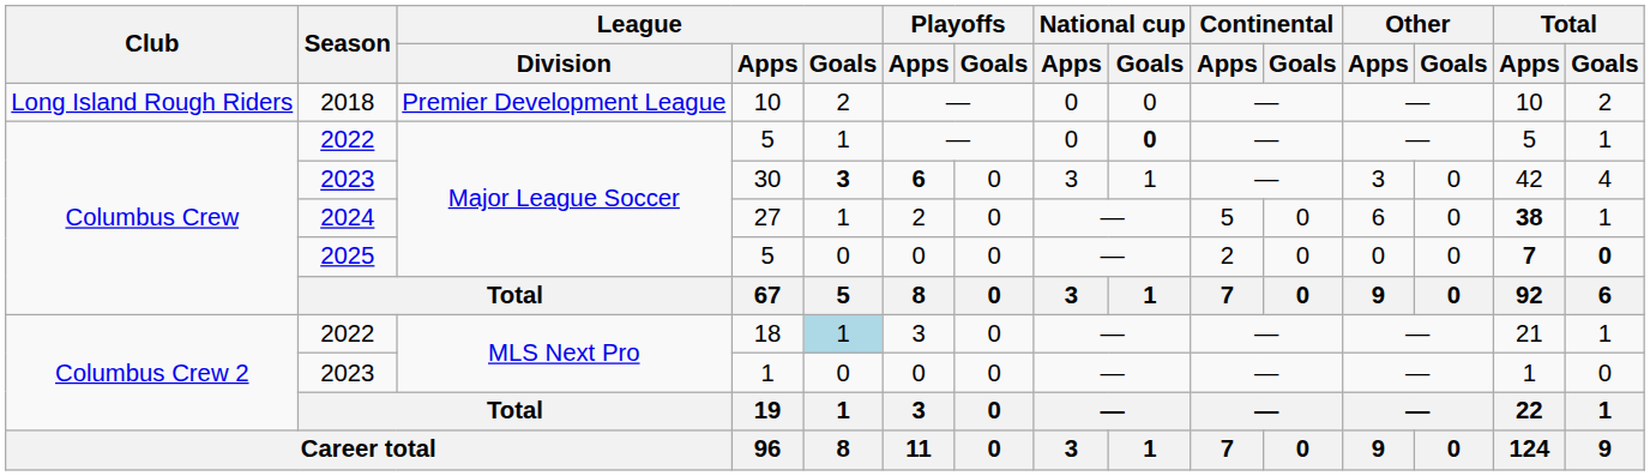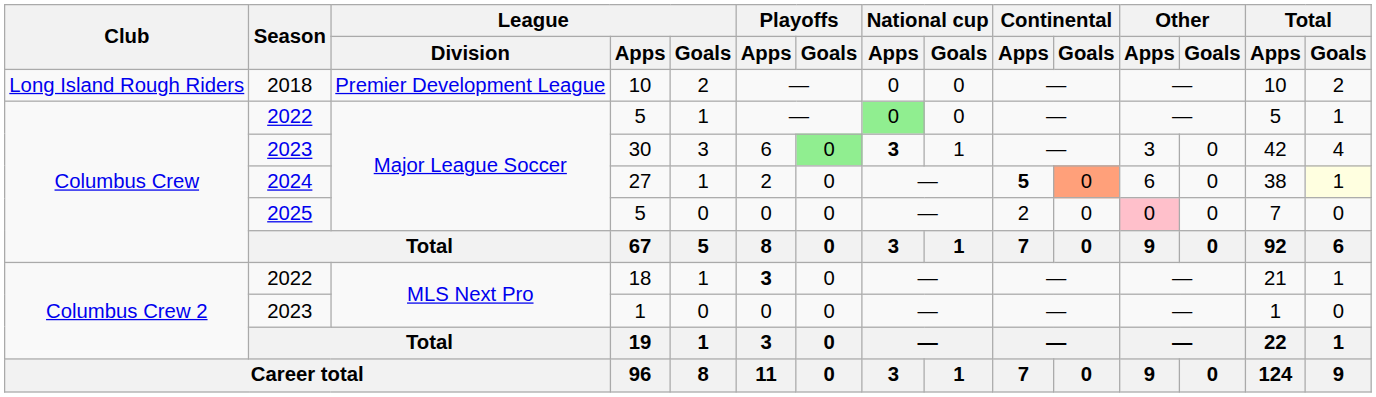 <table class="wikitable" style="text-align: center;">
 <tr>
 <th rowspan="2">Club</th>
 <th rowspan="2">Season</th>
 <th colspan="3">League</th>
 <th colspan="2">Playoffs</th>
 <th colspan="2">National cup</th>
 <th colspan="2">Continental</th>
 <th colspan="2">Other</th>
 <th colspan="2">Total</th>
 </tr>
 <tr>
 <th>Division</th>
 <th>Apps</th>
 <th>Goals</th>
 <th>Apps</th>
 <th>Goals</th>
 <th>Apps</th>
 <th>Goals</th>
 <th>Apps</th>
 <th>Goals</th>
 <th>Apps</th>
 <th>Goals</th>
 <th>Apps</th>
 <th>Goals</th>
 </tr>
 <tr>
 <td><a href='#'>Long Island Rough Riders</a></td>
 <td>2018</td>
 <td><a href='#'>Premier Development League</a></td>
 <td>10</td>
 <td>2</td>
 <td colspan="2">—</td>
 <td>0</td>
 <td>0</td>
 <td colspan="2">—</td>
 <td colspan="2">—</td>
 <td>10</td>
 <td>2</td>
 </tr>
 <tr>
 <td rowspan="5"><a href='#'>Columbus Crew</a></td>
 <td><a href='#'>2022</a></td>
 <td rowspan="4"><a href='#'>Major League Soccer</a></td>
 <td>5</td>
 <td>1</td>
 <td colspan="2">—</td>
+<td style="background: lightgreen;">0</td>
 <td>0</td>
-<td><strong>0</strong></td>
 <td colspan="2">—</td>
 <td colspan="2">—</td>
 <td>5</td>
 <td>1</td>
 </tr>
 <tr>
 <td><a href='#'>2023</a></td>
 <td>30</td>
+<td>3</td>
+<td>6</td>
+<td style="background: lightgreen;">0</td>
 <td><strong>3</strong></td>
-<td><strong>6</strong></td>
-<td>0</td>
-<td>3</td>
 <td>1</td>
 <td colspan="2">—</td>
 <td>3</td>
 <td>0</td>
 <td>42</td>
 <td>4</td>
 </tr>
 <tr>
 <td><a href='#'>2024</a></td>
 <td>27</td>
 <td>1</td>
 <td>2</td>
 <td>0</td>
 <td colspan="2">—</td>
-<td>5</td>
-<td>0</td>
+<td><strong>5</strong></td>
+<td style="background: lightsalmon;">0</td>
 <td>6</td>
 <td>0</td>
-<td><strong>38</strong></td>
-<td>1</td>
+<td>38</td>
+<td style="background: lightyellow;">1</td>
 </tr>
 <tr>
 <td><a href='#'>2025</a></td>
 <td>5</td>
 <td>0</td>
 <td>0</td>
 <td>0</td>
 <td colspan="2">—</td>
 <td>2</td>
 <td>0</td>
+<td style="background: pink;">0</td>
 <td>0</td>
+<td>7</td>
 <td>0</td>
-<td><strong>7</strong></td>
-<td><strong>0</strong></td>
 </tr>
 <tr>
 <th colspan="2">Total</th>
 <th>67</th>
 <th>5</th>
 <th>8</th>
 <th>0</th>
 <th>3</th>
 <th>1</th>
 <th>7</th>
 <th>0</th>
 <th>9</th>
 <th>0</th>
 <th>92</th>
 <th>6</th>
 </tr>
 <tr>
 <td rowspan="3"><a href='#'>Columbus Crew 2</a></td>
 <td>2022</td>
 <td rowspan="2"><a href='#'>MLS Next Pro</a></td>
 <td>18</td>
-<td style="background: lightblue;">1</td>
-<td>3</td>
+<td>1</td>
+<td><strong>3</strong></td>
 <td>0</td>
 <td colspan="2">—</td>
 <td colspan="2">—</td>
 <td colspan="2">—</td>
 <td>21</td>
 <td>1</td>
 </tr>
 <tr>
 <td>2023</td>
 <td>1</td>
 <td>0</td>
 <td>0</td>
 <td>0</td>
 <td colspan="2">—</td>
 <td colspan="2">—</td>
 <td colspan="2">—</td>
 <td>1</td>
 <td>0</td>
 </tr>
 <tr>
 <th colspan="2">Total</th>
 <th>19</th>
 <th>1</th>
 <th>3</th>
 <th>0</th>
 <th colspan="2">—</th>
 <th colspan="2">—</th>
 <th colspan="2">—</th>
 <th>22</th>
 <th>1</th>
 </tr>
 <tr>
 <th colspan="3">Career total</th>
 <th>96</th>
 <th>8</th>
 <th>11</th>
 <th>0</th>
 <th>3</th>
 <th>1</th>
 <th>7</th>
 <th>0</th>
 <th>9</th>
 <th>0</th>
 <th>124</th>
 <th>9</th>
 </tr>
 </table>
